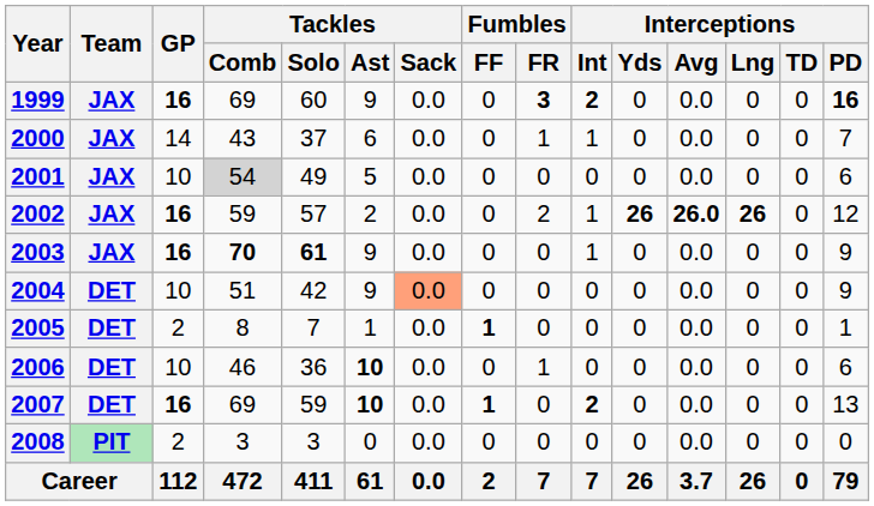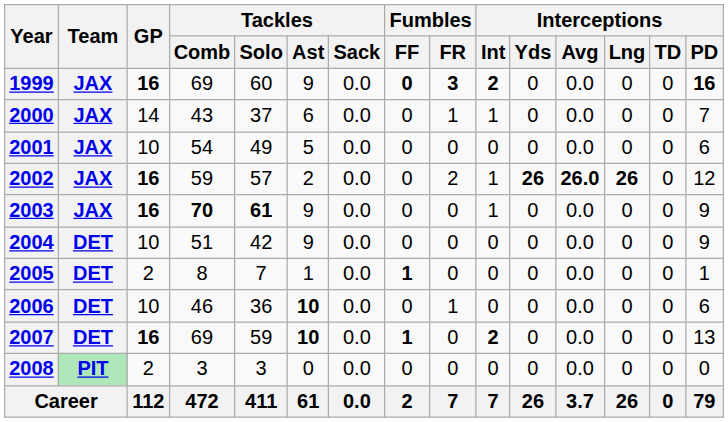 <table class="wikitable" style="text-align:center">
 <tr>
 <th rowspan="2">Year</th>
 <th rowspan="2">Team</th>
 <th rowspan="2">GP</th>
 <th colspan="4">Tackles</th>
 <th colspan="2">Fumbles</th>
 <th colspan="6">Interceptions</th>
 </tr>
 <tr>
 <th>Comb</th>
 <th>Solo</th>
 <th>Ast</th>
 <th>Sack</th>
 <th>FF</th>
 <th>FR</th>
 <th>Int</th>
 <th>Yds</th>
 <th>Avg</th>
 <th>Lng</th>
 <th>TD</th>
 <th>PD</th>
 </tr>
 <tr>
 <th><a href='#'>1999</a></th>
 <th><a href='#'>JAX</a></th>
 <td><strong>16</strong></td>
 <td>69</td>
 <td>60</td>
 <td>9</td>
 <td>0.0</td>
-<td>0</td>
+<td><strong>0</strong></td>
 <td><strong>3</strong></td>
 <td><strong>2</strong></td>
 <td>0</td>
 <td>0.0</td>
 <td>0</td>
 <td>0</td>
 <td><strong>16</strong></td>
 </tr>
 <tr>
 <th><a href='#'>2000</a></th>
 <th><a href='#'>JAX</a></th>
 <td>14</td>
 <td>43</td>
 <td>37</td>
 <td>6</td>
 <td>0.0</td>
 <td>0</td>
 <td>1</td>
 <td>1</td>
 <td>0</td>
 <td>0.0</td>
 <td>0</td>
 <td>0</td>
 <td>7</td>
 </tr>
 <tr>
 <th><a href='#'>2001</a></th>
 <th><a href='#'>JAX</a></th>
 <td>10</td>
-<td style="background: lightgrey;">54</td>
+<td>54</td>
 <td>49</td>
 <td>5</td>
 <td>0.0</td>
 <td>0</td>
 <td>0</td>
 <td>0</td>
 <td>0</td>
 <td>0.0</td>
 <td>0</td>
 <td>0</td>
 <td>6</td>
 </tr>
 <tr>
 <th><a href='#'>2002</a></th>
 <th><a href='#'>JAX</a></th>
 <td><strong>16</strong></td>
 <td>59</td>
 <td>57</td>
 <td>2</td>
 <td>0.0</td>
 <td>0</td>
 <td>2</td>
 <td>1</td>
 <td><strong>26</strong></td>
 <td><strong>26.0</strong></td>
 <td><strong>26</strong></td>
 <td>0</td>
 <td>12</td>
 </tr>
 <tr>
 <th><a href='#'>2003</a></th>
 <th><a href='#'>JAX</a></th>
 <td><strong>16</strong></td>
 <td><strong>70</strong></td>
 <td><strong>61</strong></td>
 <td>9</td>
 <td>0.0</td>
 <td>0</td>
 <td>0</td>
 <td>1</td>
 <td>0</td>
 <td>0.0</td>
 <td>0</td>
 <td>0</td>
 <td>9</td>
 </tr>
 <tr>
 <th><a href='#'>2004</a></th>
 <th><a href='#'>DET</a></th>
 <td>10</td>
 <td>51</td>
 <td>42</td>
 <td>9</td>
-<td style="background: lightsalmon;">0.0</td>
+<td>0.0</td>
 <td>0</td>
 <td>0</td>
 <td>0</td>
 <td>0</td>
 <td>0.0</td>
 <td>0</td>
 <td>0</td>
 <td>9</td>
 </tr>
 <tr>
 <th><a href='#'>2005</a></th>
 <th><a href='#'>DET</a></th>
 <td>2</td>
 <td>8</td>
 <td>7</td>
 <td>1</td>
 <td>0.0</td>
 <td><strong>1</strong></td>
 <td>0</td>
 <td>0</td>
 <td>0</td>
 <td>0.0</td>
 <td>0</td>
 <td>0</td>
 <td>1</td>
 </tr>
 <tr>
 <th><a href='#'>2006</a></th>
 <th><a href='#'>DET</a></th>
 <td>10</td>
 <td>46</td>
 <td>36</td>
 <td><strong>10</strong></td>
 <td>0.0</td>
 <td>0</td>
 <td>1</td>
 <td>0</td>
 <td>0</td>
 <td>0.0</td>
 <td>0</td>
 <td>0</td>
 <td>6</td>
 </tr>
 <tr>
 <th><a href='#'>2007</a></th>
 <th><a href='#'>DET</a></th>
 <td><strong>16</strong></td>
 <td>69</td>
 <td>59</td>
 <td><strong>10</strong></td>
 <td>0.0</td>
 <td><strong>1</strong></td>
 <td>0</td>
 <td><strong>2</strong></td>
 <td>0</td>
 <td>0.0</td>
 <td>0</td>
 <td>0</td>
 <td>13</td>
 </tr>
 <tr>
 <th><a href='#'>2008</a></th>
 <th style="background:#afe6ba; width:3em;"><a href='#'>PIT</a></th>
 <td>2</td>
 <td>3</td>
 <td>3</td>
 <td>0</td>
 <td>0.0</td>
 <td>0</td>
 <td>0</td>
 <td>0</td>
 <td>0</td>
 <td>0.0</td>
 <td>0</td>
 <td>0</td>
 <td>0</td>
 </tr>
 <tr>
 <th colspan="2">Career</th>
 <th>112</th>
 <th>472</th>
 <th>411</th>
 <th>61</th>
 <th>0.0</th>
 <th>2</th>
 <th>7</th>
 <th>7</th>
 <th>26</th>
 <th>3.7</th>
 <th>26</th>
 <th>0</th>
 <th>79</th>
 </tr>
 </table>
